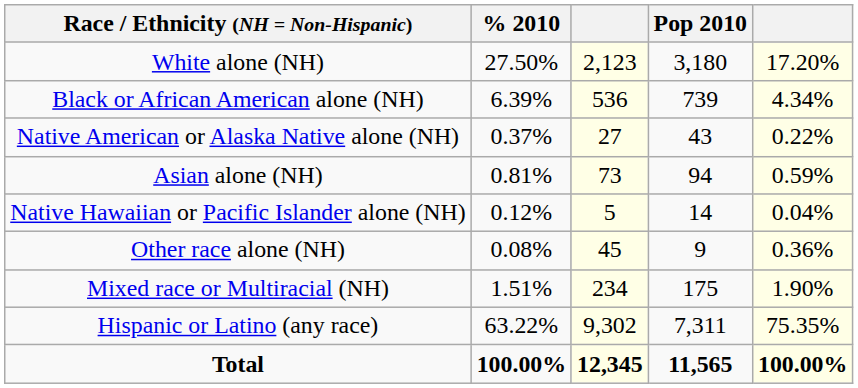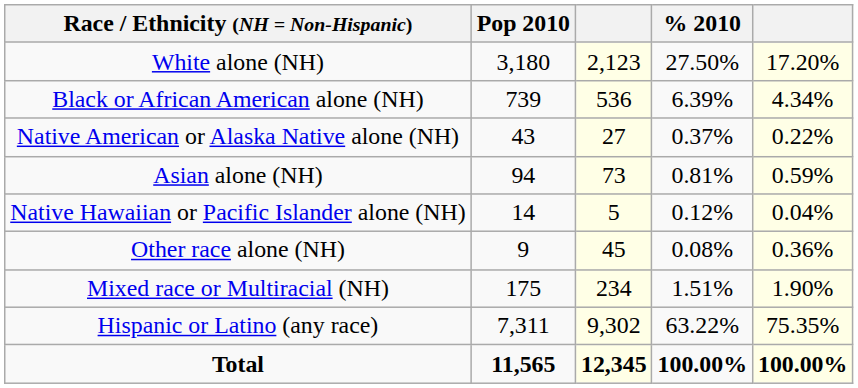 <table class="wikitable" style="text-align:center;">
 <tr>
 <th>Race / Ethnicity <small>(<em>NH = Non-Hispanic</em>)</small></th>
+<th>Pop 2010</th>
+<th></th>
 <th>% 2010</th>
-<th></th>
-<th>Pop 2010</th>
 <th></th>
 </tr>
 <tr>
 <td><a href='#'>White</a> alone (NH)</td>
+<td>3,180</td>
+<td style='background: #ffffe6;'>2,123</td>
 <td>27.50%</td>
-<td style='background: #ffffe6;'>2,123</td>
-<td>3,180</td>
 <td style='background: #ffffe6;'>17.20%</td>
 </tr>
 <tr>
 <td><a href='#'>Black or African American</a> alone (NH)</td>
+<td>739</td>
+<td style='background: #ffffe6;'>536</td>
 <td>6.39%</td>
-<td style='background: #ffffe6;'>536</td>
-<td>739</td>
 <td style='background: #ffffe6;'>4.34%</td>
 </tr>
 <tr>
 <td><a href='#'>Native American</a> or <a href='#'>Alaska Native</a> alone (NH)</td>
+<td>43</td>
+<td style='background: #ffffe6;'>27</td>
 <td>0.37%</td>
-<td style='background: #ffffe6;'>27</td>
-<td>43</td>
 <td style='background: #ffffe6;'>0.22%</td>
 </tr>
 <tr>
 <td><a href='#'>Asian</a> alone (NH)</td>
+<td>94</td>
+<td style='background: #ffffe6;'>73</td>
 <td>0.81%</td>
-<td style='background: #ffffe6;'>73</td>
-<td>94</td>
 <td style='background: #ffffe6;'>0.59%</td>
 </tr>
 <tr>
 <td><a href='#'>Native Hawaiian</a> or <a href='#'>Pacific Islander</a> alone (NH)</td>
+<td>14</td>
+<td style='background: #ffffe6;'>5</td>
 <td>0.12%</td>
-<td style='background: #ffffe6;'>5</td>
-<td>14</td>
 <td style='background: #ffffe6;'>0.04%</td>
 </tr>
 <tr>
 <td><a href='#'>Other race</a> alone (NH)</td>
+<td>9</td>
+<td style='background: #ffffe6;'>45</td>
 <td>0.08%</td>
-<td style='background: #ffffe6;'>45</td>
-<td>9</td>
 <td style='background: #ffffe6;'>0.36%</td>
 </tr>
 <tr>
 <td><a href='#'>Mixed race or Multiracial</a> (NH)</td>
+<td>175</td>
+<td style='background: #ffffe6;'>234</td>
 <td>1.51%</td>
-<td style='background: #ffffe6;'>234</td>
-<td>175</td>
 <td style='background: #ffffe6;'>1.90%</td>
 </tr>
 <tr>
 <td><a href='#'>Hispanic or Latino</a> (any race)</td>
+<td>7,311</td>
+<td style='background: #ffffe6;'>9,302</td>
 <td>63.22%</td>
-<td style='background: #ffffe6;'>9,302</td>
-<td>7,311</td>
 <td style='background: #ffffe6;'>75.35%</td>
 </tr>
 <tr>
 <td><strong>Total</strong></td>
+<td><strong>11,565</strong></td>
+<td style='background: #ffffe6;'><strong>12,345</strong></td>
 <td><strong>100.00%</strong></td>
-<td style='background: #ffffe6;'><strong>12,345</strong></td>
-<td><strong>11,565</strong></td>
 <td style='background: #ffffe6;'><strong>100.00%</strong></td>
 </tr>
 </table>
